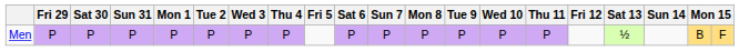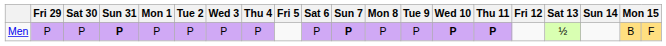 <table class="wikitable" style="margin:0.5em auto; font-size:90%; line-height:1.25em;">
 <tr style="text-align:center;">
 <th></th>
 <th>Fri 29</th>
 <th>Sat 30</th>
 <th>Sun 31</th>
 <th>Mon 1</th>
 <th>Tue 2</th>
 <th>Wed 3</th>
 <th>Thu 4</th>
 <th>Fri 5</th>
 <th>Sat 6</th>
 <th>Sun 7</th>
 <th>Mon 8</th>
 <th>Tue 9</th>
 <th>Wed 10</th>
 <th>Thu 11</th>
 <th>Fri 12</th>
 <th>Sat 13</th>
 <th>Sun 14</th>
 <th colspan=2>Mon 15</th>
 </tr>
 <tr style="text-align:center;">
 <td style="text-align:left;"><a href='#'>Men</a></td>
 <td style="background-color:#D0A9F5;">P</td>
 <td style="background-color:#D0A9F5;">P</td>
-<td style="background-color:#D0A9F5;">P</td>
+<td style="background-color:#D0A9F5;"><strong>P</strong></td>
 <td style="background-color:#D0A9F5;">P</td>
 <td style="background-color:#D0A9F5;">P</td>
 <td style="background-color:#D0A9F5;">P</td>
 <td style="background-color:#D0A9F5;">P</td>
 <td></td>
 <td style="background-color:#D0A9F5;">P</td>
+<td style="background-color:#D0A9F5;"><strong>P</strong></td>
 <td style="background-color:#D0A9F5;">P</td>
 <td style="background-color:#D0A9F5;">P</td>
-<td style="background-color:#D0A9F5;">P</td>
-<td style="background-color:#D0A9F5;">P</td>
-<td style="background-color:#D0A9F5;">P</td>
+<td style="background-color:#D0A9F5;"><strong>P</strong></td>
+<td style="background-color:#D0A9F5;"><strong>P</strong></td>
 <td></td>
 <td style="background-color:#D9FFB2;">½</td>
 <td></td>
 <td style="background-color:#FFDF80;">B</td>
 <td style="background-color:#FFDF80;">F</td>
 </tr>
 </table>
